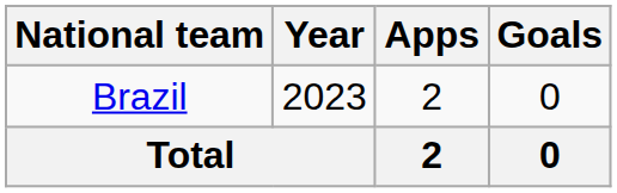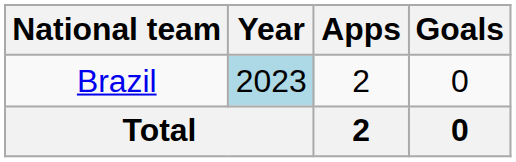 <table class="wikitable" style="text-align:center">
 <tr>
 <th>National team</th>
 <th>Year</th>
 <th>Apps</th>
 <th>Goals</th>
 </tr>
 <tr>
 <td><a href='#'>Brazil</a></td>
-<td>2023</td>
+<td style="background: lightblue;">2023</td>
 <td>2</td>
 <td>0</td>
 </tr>
 <tr>
 <th colspan="2">Total</th>
 <th>2</th>
 <th>0</th>
 </tr>
 </table>
